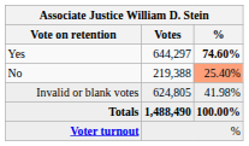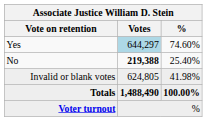 <table class="wikitable" style="font-size: 95%;">
 <tr style="background-color:#E9E9E9">
 <th colspan=7>Associate Justice William D. Stein</th>
 </tr>
 <tr style="background-color:#E9E9E9">
 <th style="width: 170px">Vote on retention</th>
 <th style="width: 50px">Votes</th>
 <th style="width: 40px">%</th>
 </tr>
 <tr>
 <td>Yes</td>
-<td align="right">644,297</td>
-<td align="right"><strong>74.60%</strong></td>
+<td align="right" style="background: lightblue;">644,297</td>
+<td align="right">74.60%</td>
 </tr>
 <tr>
 <td>No</td>
-<td align="right">219,388</td>
-<td align="right" style="background: lightsalmon;">25.40%</td>
+<td align="right"><strong>219,388</strong></td>
+<td align="right">25.40%</td>
 </tr>
 <tr bgcolor="#EEEEEE">
 <td align="right">Invalid or blank votes</td>
 <td align="right">624,805</td>
 <td align="right">41.98%</td>
 </tr>
 <tr bgcolor="#EEEEEE">
 <td align="right"><strong>Totals</strong></td>
 <td align="right"><strong>1,488,490</strong></td>
 <td align="right"><strong>100.00%</strong></td>
 </tr>
 <tr bgcolor="#EEEEEE">
 <td align="right"><strong><a href='#'>Voter turnout</a></strong></td>
 <td colspan="2" align="right">%</td>
 </tr>
 </table>
